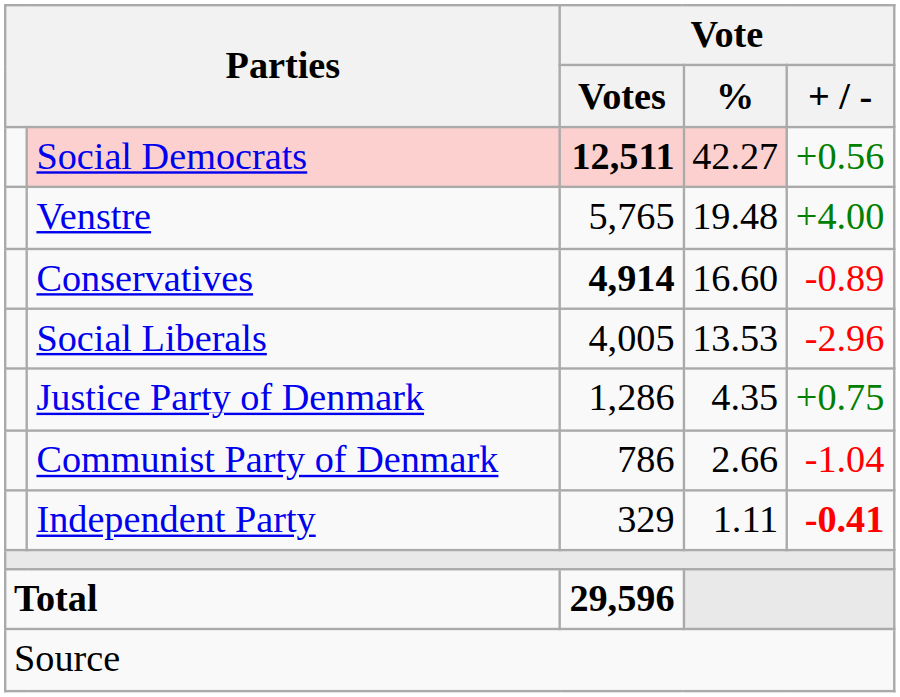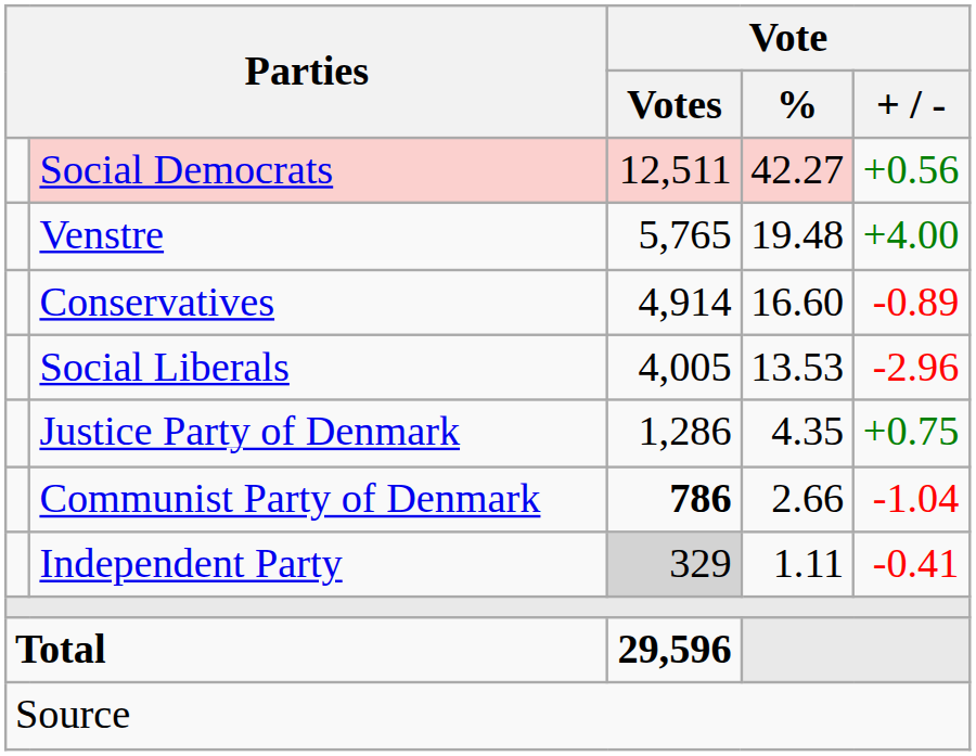 <table class="wikitable" style="text-align:right;">
 <tr>
 <th style="text-align:centre;" rowspan="2" colspan="2" width="225">Parties</th>
 <th colspan="3">Vote</th>
 </tr>
 <tr>
 <th width="15">Votes</th>
 <th width="15">%</th>
 <th width="15">+ / -</th>
 </tr>
 <tr>
 <td width="2" style="color:inherit;background:"></td>
 <td bgcolor=#fbd0ce  align="left"><a href='#'>Social Democrats</a></td>
-<td bgcolor=#fbd0ce><strong>12,511</strong></td>
+<td bgcolor=#fbd0ce>12,511</td>
 <td bgcolor=#fbd0ce>42.27</td>
 <td style=color:green;>+0.56</td>
 </tr>
 <tr>
 <td width="2" style="color:inherit;background:"></td>
 <td align="left"><a href='#'>Venstre</a></td>
 <td>5,765</td>
 <td>19.48</td>
 <td style=color:green;>+4.00</td>
 </tr>
 <tr>
 <td width="2" style="color:inherit;background:"></td>
 <td align="left"><a href='#'>Conservatives</a></td>
-<td><strong>4,914</strong></td>
+<td>4,914</td>
 <td>16.60</td>
 <td style=color:red;>-0.89</td>
 </tr>
 <tr>
 <td width="2" style="color:inherit;background:"></td>
 <td align="left"><a href='#'>Social Liberals</a></td>
 <td>4,005</td>
 <td>13.53</td>
 <td style=color:red;>-2.96</td>
 </tr>
 <tr>
 <td width="2" style="color:inherit;background:"></td>
 <td align="left"><a href='#'>Justice Party of Denmark</a></td>
 <td>1,286</td>
 <td>4.35</td>
 <td style=color:green;>+0.75</td>
 </tr>
 <tr>
 <td width="2" style="color:inherit;background:"></td>
 <td align="left"><a href='#'>Communist Party of Denmark</a></td>
-<td>786</td>
+<td><strong>786</strong></td>
 <td>2.66</td>
 <td style=color:red;>-1.04</td>
 </tr>
 <tr>
 <td width="2" style="color:inherit;background:"></td>
 <td align="left"><a href='#'>Independent Party</a></td>
-<td>329</td>
+<td style="background: lightgrey;">329</td>
 <td>1.11</td>
-<td style=color:red;><strong>-0.41</strong></td>
+<td style=color:red;>-0.41</td>
 </tr>
 <tr>
 <td colspan="7" bgcolor="#E9E9E9"></td>
 </tr>
 <tr>
 <td align="left" colspan="2"><strong>Total</strong></td>
 <td><strong>29,596</strong></td>
 <td bgcolor="#E9E9E9" colspan="2"></td>
 </tr>
 <tr>
 <td align="left" colspan="6">Source</td>
 </tr>
 </table>
